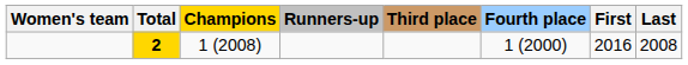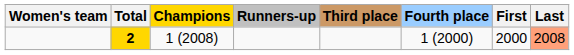 <table class="wikitable" style="text-align: center; font-size: 90%; margin-left: 1em;">
 <tr>
 <th>Women's team</th>
 <th>Total</th>
 <th style="background-color: gold;">Champions</th>
 <th style="background-color: silver;">Runners-up</th>
 <th style="background-color: #cc9966;">Third place</th>
 <th style="background-color: #9acdff;">Fourth place</th>
 <th>First</th>
 <th>Last</th>
 </tr>
 <tr>
 <td style="text-align: left;"></td>
 <td style="background: gold;"><strong>2</strong></td>
 <td>1 (2008)</td>
 <td></td>
 <td></td>
 <td>1 (2000)</td>
-<td>2016</td>
-<td>2008</td>
+<td>2000</td>
+<td style="background: lightsalmon;">2008</td>
 </tr>
 </table>
